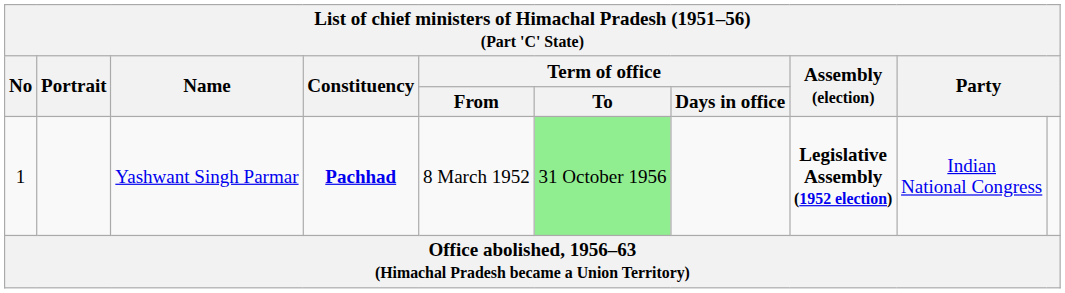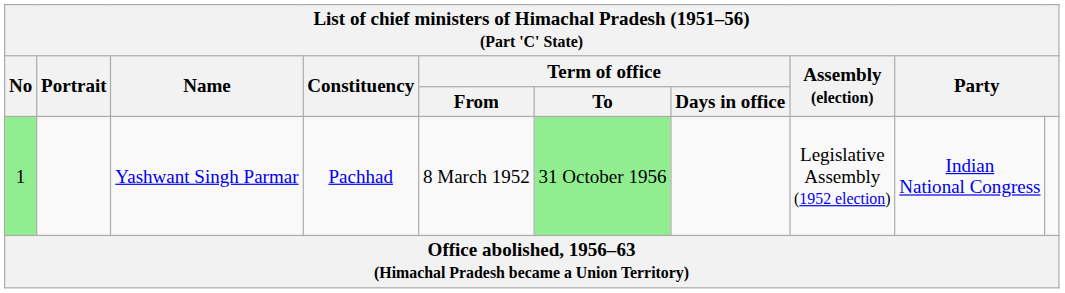 <table class="wikitable" style="text-align:center">
 <tr>
 <th colspan="10">List of chief ministers of Himachal Pradesh (1951–56)<br><small>(Part 'C' State)</small></th>
 </tr>
 <tr>
 <th rowspan="2">No</th>
 <th rowspan="2">Portrait</th>
 <th rowspan="2">Name</th>
 <th rowspan="2">Constituency</th>
 <th colspan="3">Term of office</th>
 <th rowspan="2">Assembly<br><small>(election)</small></th>
 <th colspan="2" rowspan="2">Party</th>
 </tr>
 <tr>
 <th>From</th>
 <th>To</th>
 <th>Days in office</th>
 </tr>
 <tr align="center" style="height: 100px;">
-<td>1</td>
+<td style="background: lightgreen;">1</td>
 <td></td>
 <td><a href='#'>Yashwant Singh Parmar</a></td>
-<td><strong><a href='#'>Pachhad</a></strong></td>
+<td><a href='#'>Pachhad</a></td>
 <td>8 March 1952</td>
 <td style="background: lightgreen;">31 October 1956</td>
 <td></td>
-<td><strong>Legislative<br>Assembly<br><small>(<a href='#'>1952 election</a>)</small></strong></td>
+<td>Legislative<br>Assembly<br><small>(<a href='#'>1952 election</a>)</small></td>
 <td><a href='#'>Indian</a><br><a href='#'>National Congress</a></td>
 <td width="4px" style="background-color: "></td>
 </tr>
 <tr align="center">
 <th colspan="10">Office abolished, 1956–63<br><small>(Himachal Pradesh became a Union Territory)</small></th>
 </tr>
 </table>
